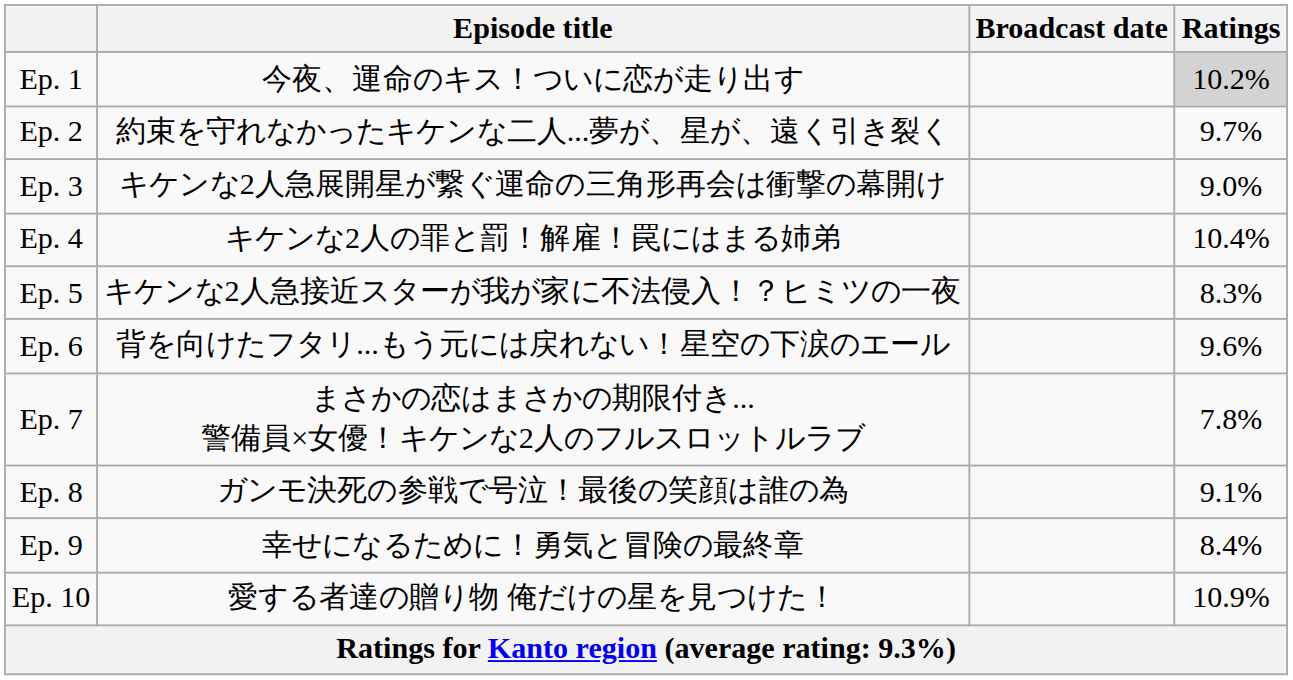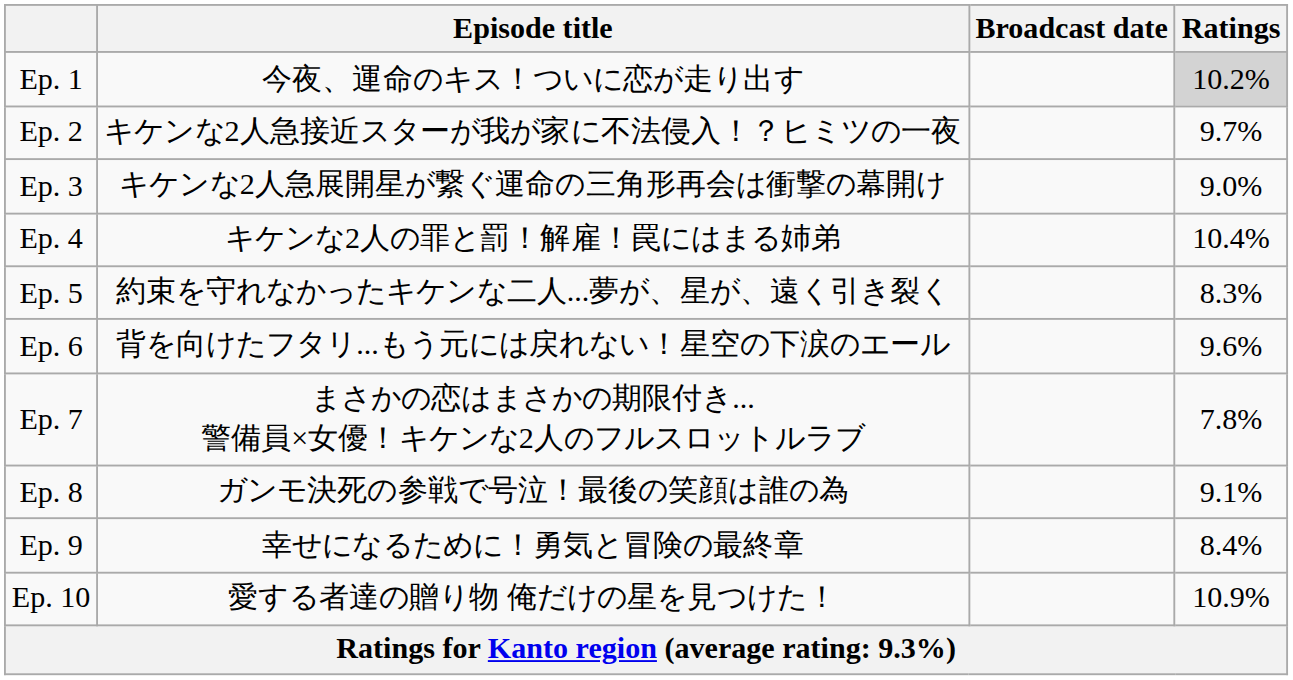 <table class="wikitable" style="text-align:center">
 <tr style="text-align:center">
 <th></th>
 <th>Episode title</th>
 <th>Broadcast date</th>
 <th>Ratings</th>
 </tr>
 <tr>
 <td>Ep. 1</td>
 <td>今夜、運命のキス！ついに恋が走り出す</td>
 <td align=left></td>
 <td style="background: lightgrey;">10.2%</td>
 </tr>
 <tr>
 <td>Ep. 2</td>
-<td>約束を守れなかったキケンな二人...夢が、星が、遠く引き裂く</td>
+<td>キケンな2人急接近スターが我が家に不法侵入！？ヒミツの一夜</td>
 <td align=left></td>
 <td>9.7%</td>
 </tr>
 <tr>
 <td>Ep. 3</td>
 <td>キケンな2人急展開星が繋ぐ運命の三角形再会は衝撃の幕開け</td>
 <td align=left></td>
 <td>9.0%</td>
 </tr>
 <tr>
 <td>Ep. 4</td>
 <td>キケンな2人の罪と罰！解雇！罠にはまる姉弟</td>
 <td align=left></td>
 <td>10.4%</td>
 </tr>
 <tr>
 <td>Ep. 5</td>
-<td>キケンな2人急接近スターが我が家に不法侵入！？ヒミツの一夜</td>
+<td>約束を守れなかったキケンな二人...夢が、星が、遠く引き裂く</td>
 <td align=left></td>
 <td>8.3%</td>
 </tr>
 <tr>
 <td>Ep. 6</td>
 <td>背を向けたフタリ...もう元には戻れない！星空の下涙のエール</td>
 <td align=left></td>
 <td>9.6%</td>
 </tr>
 <tr>
 <td>Ep. 7</td>
 <td>まさかの恋はまさかの期限付き...<br>警備員×女優！キケンな2人のフルスロットルラブ</td>
 <td align=left></td>
 <td><span>7.8%</span></td>
 </tr>
 <tr>
 <td>Ep. 8</td>
 <td>ガンモ決死の参戦で号泣！最後の笑顔は誰の為</td>
 <td align=left></td>
 <td>9.1%</td>
 </tr>
 <tr>
 <td>Ep. 9</td>
 <td>幸せになるために！勇気と冒険の最終章</td>
 <td align=left></td>
 <td>8.4%</td>
 </tr>
 <tr>
 <td>Ep. 10</td>
 <td>愛する者達の贈り物 俺だけの星を見つけた！</td>
 <td align=left></td>
 <td><span>10.9%</span></td>
 </tr>
 <tr>
 <th colspan="4">Ratings for <a href='#'>Kanto region</a> (average rating: 9.3%)</th>
 </tr>
 </table>
